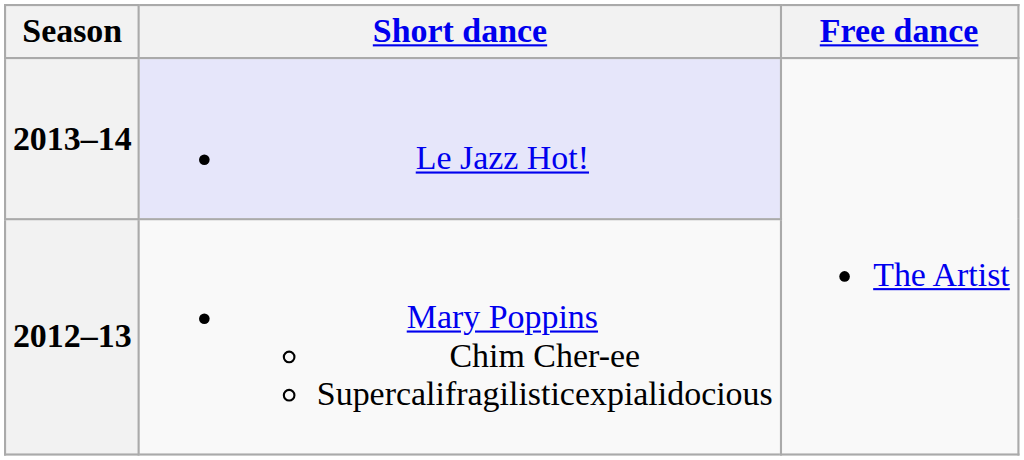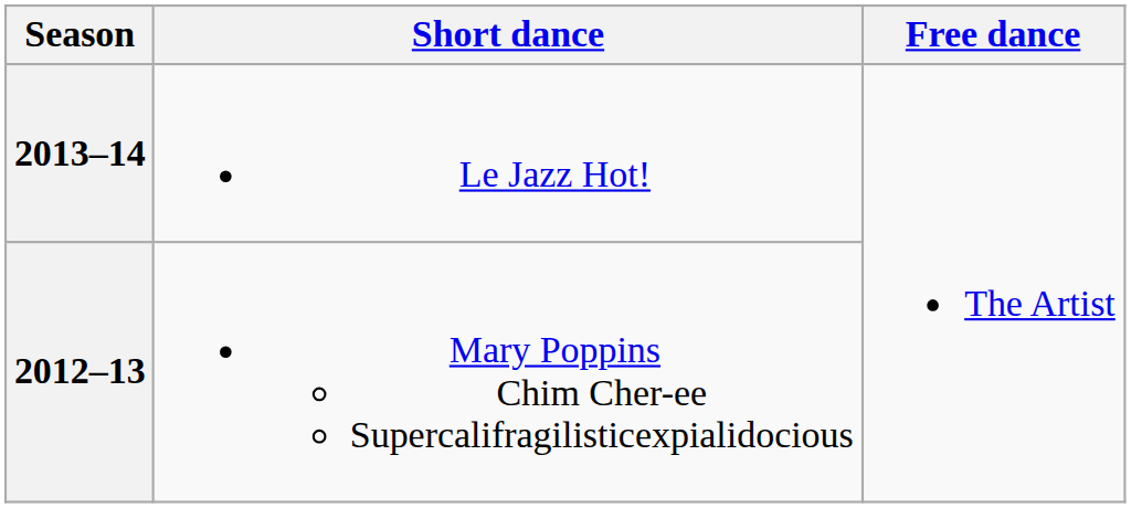 <table class="wikitable" style="text-align:center">
 <tr>
 <th>Season</th>
 <th><a href='#'>Short dance</a></th>
 <th><a href='#'>Free dance</a></th>
 </tr>
 <tr>
 <th>2013–14 <br> </th>
-<td style="background: lavender;"><br><ul><li> <a href='#'>Le Jazz Hot!</a></li></ul></td>
+<td><br><ul><li> <a href='#'>Le Jazz Hot!</a></li></ul></td>
 <td rowspan=2><br><ul><li><a href='#'>The Artist</a> <br></li></ul></td>
 </tr>
 <tr>
 <th>2012–13 <br> </th>
 <td><br><ul><li><a href='#'>Mary Poppins</a><ul><li> Chim Cher-ee</li><li> Supercalifragilisticexpialidocious</li></ul></li></ul></td>
 </tr>
 </table>
